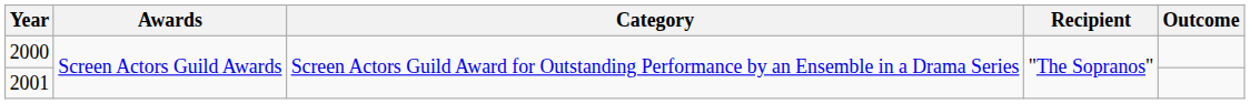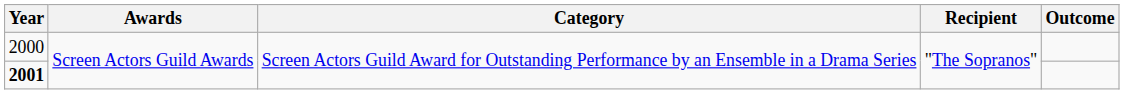 <table class="wikitable sortable">
 <tr>
 <th>Year</th>
 <th>Awards</th>
 <th>Category</th>
 <th>Recipient</th>
 <th>Outcome</th>
 </tr>
 <tr>
 <td>2000</td>
 <td rowspan=2><a href='#'>Screen Actors Guild Awards</a></td>
 <td rowspan=2><a href='#'>Screen Actors Guild Award for Outstanding Performance by an Ensemble in a Drama Series</a></td>
 <td rowspan=2>"<a href='#'>The Sopranos</a>"</td>
 <td></td>
 </tr>
 <tr>
-<td>2001</td>
+<td><strong>2001</strong></td>
 <td></td>
 </tr>
 </table>
